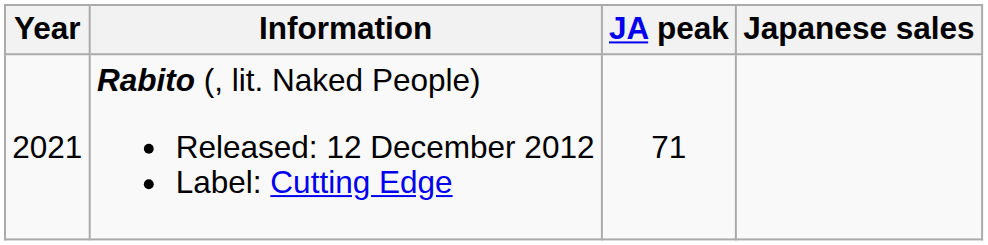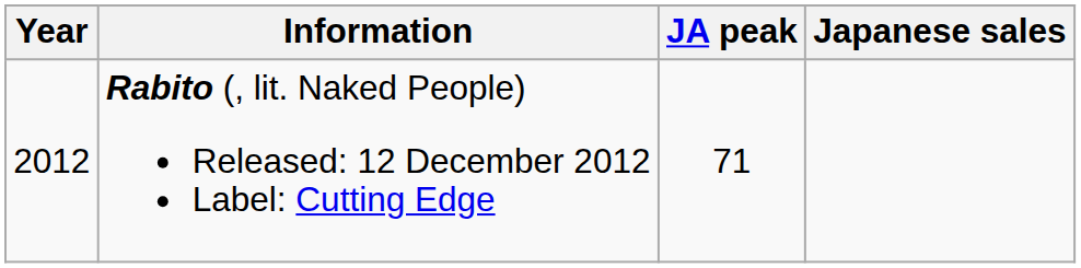 <table class="wikitable">
 <tr>
 <th>Year</th>
 <th>Information</th>
 <th><a href='#'>JA</a> peak</th>
 <th>Japanese sales</th>
 </tr>
 <tr>
-<td>2021</td>
+<td>2012</td>
 <td><strong><em>Rabito</em></strong> (, lit. Naked People)<br><ul><li>Released: 12 December 2012</li><li>Label: <a href='#'>Cutting Edge</a></li></ul></td>
 <td style="text-align:center;">71</td>
 <td></td>
 </tr>
 </table>
